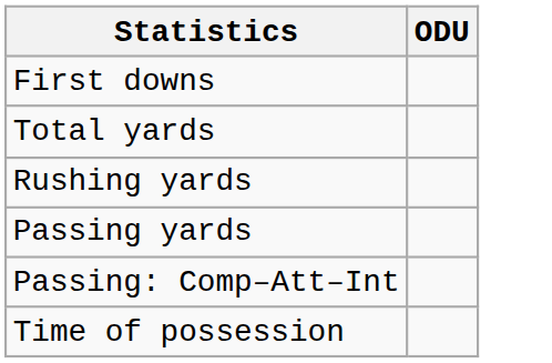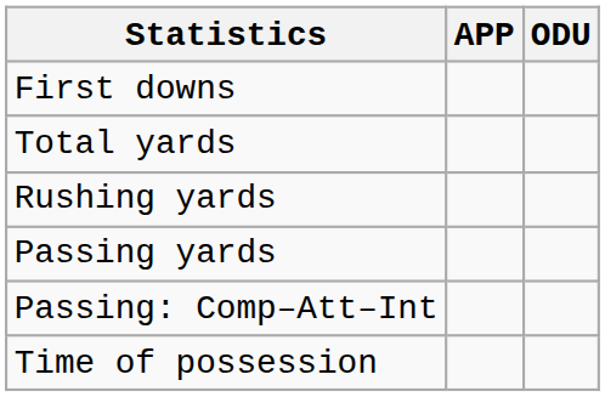 <table class="wikitable" style="float: left;">
 <tr>
 <th>Statistics</th>
+<th>APP</th>
 <th>ODU</th>
 </tr>
 <tr>
 <td>First downs</td>
 <td></td>
+<td></td>
 </tr>
 <tr>
 <td>Total yards</td>
+<td></td>
 <td></td>
 </tr>
 <tr>
 <td>Rushing yards</td>
 <td></td>
+<td></td>
 </tr>
 <tr>
 <td>Passing yards</td>
+<td></td>
 <td></td>
 </tr>
 <tr>
 <td>Passing: Comp–Att–Int</td>
 <td></td>
+<td></td>
 </tr>
 <tr>
 <td>Time of possession</td>
 <td></td>
+<td></td>
 </tr>
 </table>
